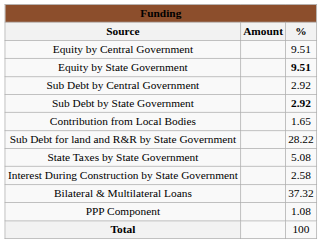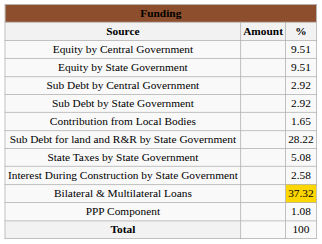 <table class="wikitable" style="text-align:center;margin:auto;" .>
 <tr>
 <th colspan="3" align="center" style="background:#8C4E2C"><span>Funding</span></th>
 </tr>
 <tr>
 <th>Source</th>
 <th>Amount</th>
 <th>%</th>
 </tr>
 <tr>
 <td>Equity by Central Government</td>
 <td></td>
 <td>9.51</td>
 </tr>
 <tr>
 <td>Equity by State Government</td>
 <td></td>
-<td><strong>9.51</strong></td>
+<td>9.51</td>
 </tr>
 <tr>
 <td>Sub Debt by Central Government</td>
 <td></td>
 <td>2.92</td>
 </tr>
 <tr>
 <td>Sub Debt by State Government</td>
 <td></td>
-<td><strong>2.92</strong></td>
+<td>2.92</td>
 </tr>
 <tr>
 <td>Contribution from Local Bodies</td>
 <td></td>
 <td>1.65</td>
 </tr>
 <tr>
 <td>Sub Debt for land and R&R by State Government</td>
 <td></td>
 <td>28.22</td>
 </tr>
 <tr>
 <td>State Taxes by State Government</td>
 <td></td>
 <td>5.08</td>
 </tr>
 <tr>
 <td>Interest During Construction by State Government</td>
 <td></td>
 <td>2.58</td>
 </tr>
 <tr>
 <td>Bilateral & Multilateral Loans</td>
 <td></td>
-<td>37.32</td>
+<td style="background: gold;">37.32</td>
 </tr>
 <tr>
 <td>PPP Component</td>
 <td></td>
 <td>1.08</td>
 </tr>
 <tr>
 <th>Total</th>
 <td></td>
 <td>100</td>
 </tr>
 </table>
